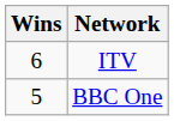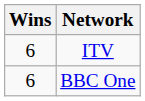 <table class="wikitable" style="text-align:center;">
 <tr>
 <th style="background:BDB76B;">Wins</th>
 <th style="background:BDB76B;">Network</th>
 </tr>
 <tr>
 <td>6</td>
 <td><a href='#'>ITV</a></td>
 </tr>
 <tr>
-<td>5</td>
+<td>6</td>
 <td><a href='#'>BBC One</a></td>
 </tr>
 </table>
